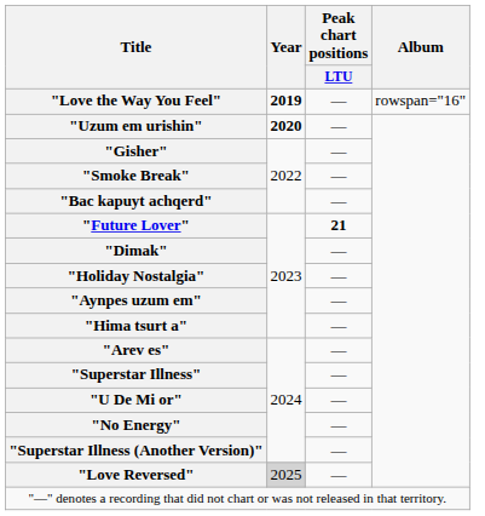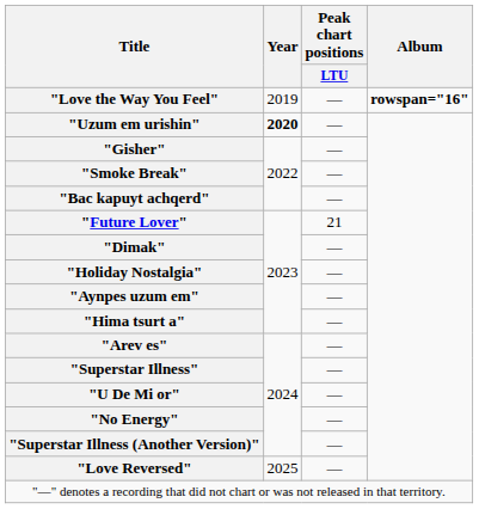 <table class="wikitable plainrowheaders" style="text-align:center;">
 <tr>
 <th scope="col" rowspan="2">Title</th>
 <th scope="col" rowspan="2">Year</th>
 <th scope="col" colspan="1">Peak chart positions</th>
 <th scope="col" rowspan="2">Album</th>
 </tr>
 <tr>
 <th style="width:3em;font-size:90%;"><a href='#'>LTU</a><br></th>
 </tr>
 <tr>
 <th scope="row">"Love the Way You Feel"</th>
-<td><strong>2019</strong></td>
+<td>2019</td>
 <td>—</td>
-<td>rowspan="16" </td>
+<td><strong>rowspan="16" </strong></td>
 </tr>
 <tr>
 <th scope="row">"Uzum em urishin"</th>
 <td><strong>2020</strong></td>
 <td>—</td>
 </tr>
 <tr>
 <th scope="row">"Gisher"</th>
 <td rowspan="3">2022</td>
 <td>—</td>
 </tr>
 <tr>
 <th scope="row">"Smoke Break"</th>
 <td>—</td>
 </tr>
 <tr>
 <th scope="row">"Bac kapuyt achqerd"</th>
 <td>—</td>
 </tr>
 <tr>
 <th scope="row">"<a href='#'>Future Lover</a>"</th>
 <td rowspan="5">2023</td>
-<td><strong>21</strong></td>
+<td>21</td>
 </tr>
 <tr>
 <th scope="row">"Dimak"</th>
 <td>—</td>
 </tr>
 <tr>
 <th scope="row">"Holiday Nostalgia"</th>
 <td>—</td>
 </tr>
 <tr>
 <th scope="row">"Aynpes uzum em"</th>
 <td>—</td>
 </tr>
 <tr>
 <th scope="row">"Hima tsurt a"</th>
 <td>—</td>
 </tr>
 <tr>
 <th scope="row">"Arev es"<br></th>
 <td rowspan="5">2024</td>
 <td>—</td>
 </tr>
 <tr>
 <th scope="row">"Superstar Illness"</th>
 <td>—</td>
 </tr>
 <tr>
 <th scope="row">"U De Mi or"</th>
 <td>—</td>
 </tr>
 <tr>
 <th scope="row">"No Energy"</th>
 <td>—</td>
 </tr>
 <tr>
 <th scope="row">"Superstar Illness (Another Version)"</th>
 <td>—</td>
 </tr>
 <tr>
 <th scope="row">"Love Reversed"</th>
-<td style="background: lightgrey;">2025</td>
+<td>2025</td>
 <td>—</td>
 </tr>
 <tr>
 <td colspan="5" style="font-size:85%">"—" denotes a recording that did not chart or was not released in that territory.</td>
 </tr>
 </table>
